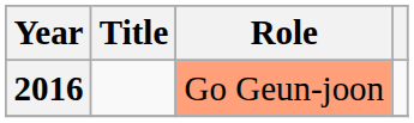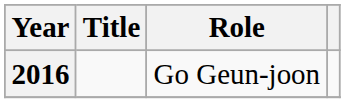 <table class="wikitable plainrowheaders">
 <tr>
 <th scope="col">Year</th>
 <th scope="col">Title</th>
 <th scope="col">Role</th>
 <th scope="col" class="unsortable"></th>
 </tr>
 <tr>
 <th scope="row">2016</th>
 <td><em></em></td>
-<td style="background: lightsalmon;">Go Geun-joon</td>
+<td>Go Geun-joon</td>
 <td></td>
 </tr>
 <tr>
 </tr>
 </table>
